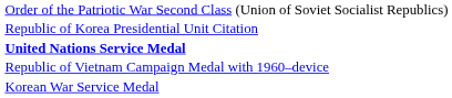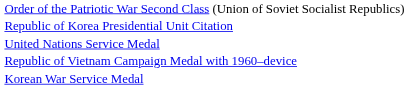 <table>
 <tr>
 <td> <a href='#'>Order of the Patriotic War Second Class</a> (Union of Soviet Socialist Republics)</td>
 </tr>
 <tr>
 <td> <a href='#'>Republic of Korea Presidential Unit Citation</a></td>
 </tr>
 <tr>
-<td><strong> <a href='#'>United Nations Service Medal</a></strong></td>
+<td> <a href='#'>United Nations Service Medal</a></td>
 </tr>
 <tr>
 <td> <a href='#'>Republic of Vietnam Campaign Medal with 1960–device</a></td>
 </tr>
 <tr>
 <td> <a href='#'>Korean War Service Medal</a></td>
 </tr>
 </table>
